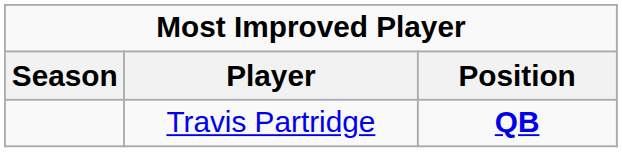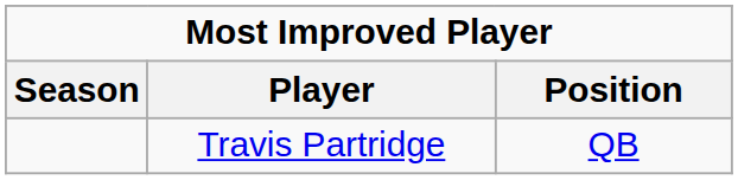 <table class="wikitable sortable" style="text-align:center">
 <tr>
 <td colspan="4"><strong>Most Improved Player</strong></td>
 </tr>
 <tr>
 <th style="width:50px; ">Season</th>
 <th style="width:150px; ">Player</th>
 <th style="width:100px; ">Position</th>
 </tr>
 <tr>
 <td></td>
 <td><a href='#'>Travis Partridge</a></td>
-<td><strong><a href='#'>QB</a></strong></td>
+<td><a href='#'>QB</a></td>
 </tr>
 </table>
